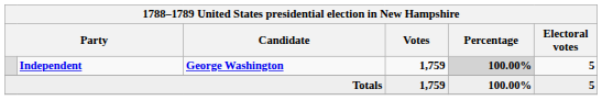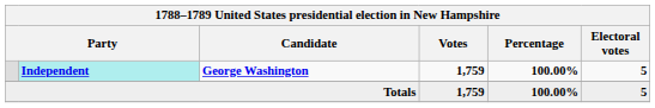 <table class="wikitable" style="font-size: 95%;">
 <tr>
 <th colspan="6">1788–1789 United States presidential election in New Hampshire</th>
 </tr>
 <tr>
 <th colspan="2" style="width: 15em">Party</th>
 <th style="width: 17em">Candidate</th>
 <th style="width: 5em">Votes</th>
 <th style="width: 7em">Percentage</th>
 <th style="width: 5em">Electoral votes</th>
 </tr>
 <tr>
 <th style="background-color:#DDDDDD; width: 3px"></th>
-<td style="width: 130px"><strong><a href='#'>Independent</a></strong></td>
+<td style="background: paleturquoise; width: 130px"><strong><a href='#'>Independent</a></strong></td>
 <td><strong><a href='#'>George Washington</a></strong></td>
 <td align="right"><strong>1,759</strong></td>
-<td align="right" style="background: lightgrey;"><strong>100.00%</strong></td>
+<td align="right"><strong>100.00%</strong></td>
 <td align="right"><strong>5</strong></td>
 </tr>
 <tr>
 </tr>
 <tr bgcolor="#EEEEEE">
 <td colspan="3" align="right"><strong>Totals</strong></td>
 <td align="right"><strong>1,759</strong></td>
 <td align="right"><strong>100.00%</strong></td>
 <td align="right"><strong>5</strong></td>
 </tr>
 <tr>
 </tr>
 </table>
